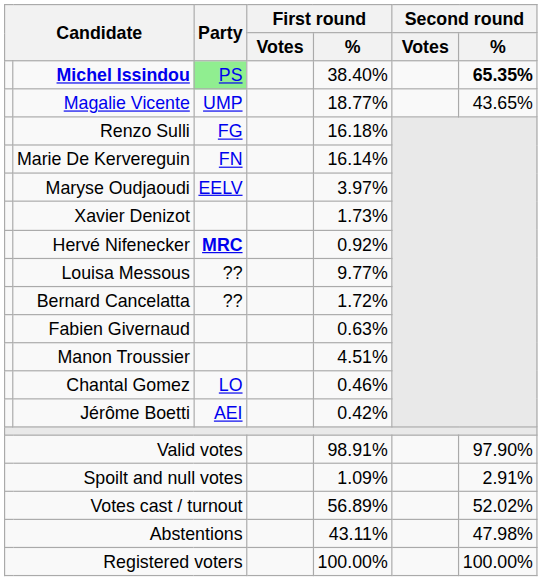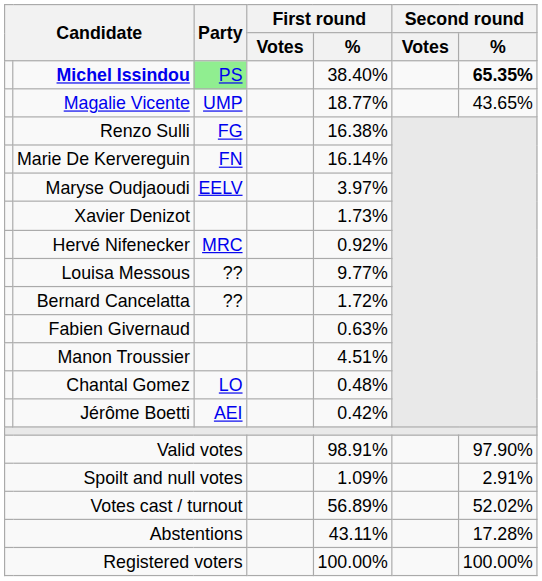 <table class="wikitable" style="text-align:right;font-size:95%;">
 <tr>
 <th rowspan=2 colspan=2>Candidate</th>
 <th rowspan=2 colspan=1>Party</th>
 <th colspan=2>First round</th>
 <th colspan=2>Second round</th>
 </tr>
 <tr>
 <th style="width:50px;">Votes</th>
 <th style="width:55px;">%</th>
 <th style="width:50px;">Votes</th>
 <th style="width:55px;">%</th>
 </tr>
 <tr>
 <td style="color:inherit;background-color:"></td>
 <td><strong><a href='#'>Michel Issindou</a></strong></td>
 <td style="background: lightgreen;"><a href='#'>PS</a></td>
 <td></td>
 <td>38.40%</td>
 <td><strong></strong></td>
 <td><strong>65.35%</strong></td>
 </tr>
 <tr>
 <td style="color:inherit;background-color:"></td>
 <td><a href='#'>Magalie Vicente</a></td>
 <td><a href='#'>UMP</a></td>
 <td></td>
 <td>18.77%</td>
 <td></td>
 <td>43.65%</td>
 </tr>
 <tr>
 <td style="color:inherit;background-color:"></td>
 <td>Renzo Sulli</td>
 <td><a href='#'>FG</a></td>
 <td></td>
-<td>16.18%</td>
+<td>16.38%</td>
 <td colspan=7 rowspan=11 style="background-color:#E9E9E9;"></td>
 </tr>
 <tr>
 <td style="color:inherit;background-color:"></td>
 <td>Marie De Kervereguin</td>
 <td><a href='#'>FN</a></td>
 <td></td>
 <td>16.14%</td>
 </tr>
 <tr>
 <td style="color:inherit;background-color:"></td>
 <td>Maryse Oudjaoudi</td>
 <td><a href='#'>EELV</a></td>
 <td></td>
 <td>3.97%</td>
 </tr>
 <tr>
 <td style="background-color:;"></td>
 <td>Xavier Denizot</td>
 <td></td>
 <td></td>
 <td>1.73%</td>
 </tr>
 <tr>
 <td style="color:inherit;background-color:"></td>
 <td>Hervé Nifenecker</td>
-<td><strong><a href='#'>MRC</a></strong></td>
+<td><a href='#'>MRC</a></td>
 <td></td>
 <td>0.92%</td>
 </tr>
 <tr>
 <td style="color:inherit;background-color:"></td>
 <td>Louisa Messous</td>
 <td>??</td>
 <td></td>
 <td>9.77%</td>
 </tr>
 <tr>
 <td style="background-color:;"></td>
 <td>Bernard Cancelatta</td>
 <td>??</td>
 <td></td>
 <td>1.72%</td>
 </tr>
 <tr>
 <td style="background-color:;"></td>
 <td>Fabien Givernaud</td>
 <td></td>
 <td></td>
 <td>0.63%</td>
 </tr>
 <tr>
 <td style="color:inherit;background-color:"></td>
 <td>Manon Troussier</td>
 <td></td>
 <td></td>
 <td>4.51%</td>
 </tr>
 <tr>
 <td style="color:inherit;background-color:"></td>
 <td>Chantal Gomez</td>
 <td><a href='#'>LO</a></td>
 <td></td>
-<td>0.46%</td>
+<td>0.48%</td>
 </tr>
 <tr>
 <td style="color:inherit;background-color:"></td>
 <td>Jérôme Boetti</td>
 <td><a href='#'>AEI</a></td>
 <td></td>
 <td>0.42%</td>
 </tr>
 <tr>
 <td colspan=7 style="background-color:#E9E9E9;"></td>
 </tr>
 <tr>
 <td colspan=3>Valid votes</td>
 <td></td>
 <td>98.91%</td>
 <td></td>
 <td>97.90%</td>
 </tr>
 <tr>
 <td colspan=3>Spoilt and null votes</td>
 <td></td>
 <td>1.09%</td>
 <td></td>
 <td>2.91%</td>
 </tr>
 <tr>
 <td colspan=3>Votes cast / turnout</td>
 <td></td>
 <td>56.89%</td>
 <td></td>
 <td>52.02%</td>
 </tr>
 <tr>
 <td colspan=3>Abstentions</td>
 <td></td>
 <td>43.11%</td>
 <td></td>
-<td>47.98%</td>
+<td>17.28%</td>
 </tr>
 <tr>
 <td colspan=3>Registered voters</td>
 <td></td>
 <td>100.00%</td>
 <td></td>
 <td>100.00%</td>
 </tr>
 </table>
